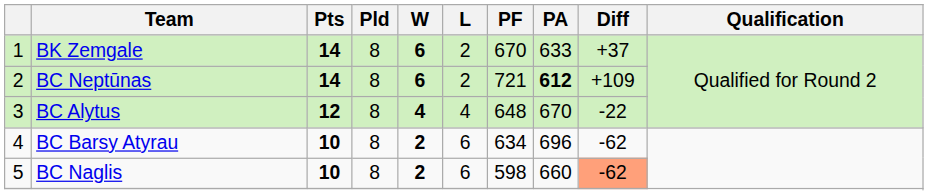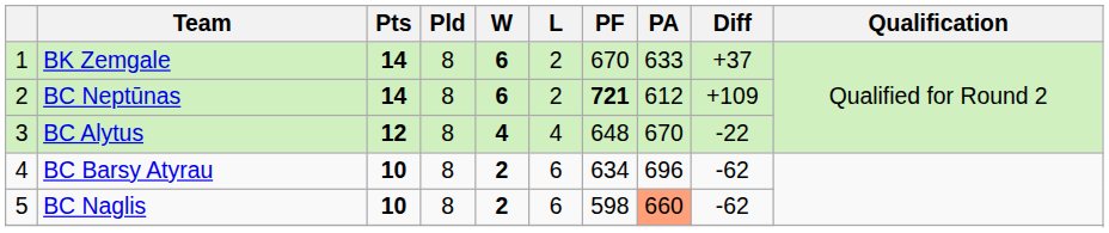 <table class="wikitable" style="text-align: center;">
 <tr>
 <th width=15></th>
 <th width=220>Team</th>
 <th width=30>Pts</th>
 <th width=30>Pld</th>
 <th width=30>W</th>
 <th width=30>L</th>
 <th width=30>PF</th>
 <th width=30>PA</th>
 <th width=50>Diff</th>
 <th width=220>Qualification</th>
 </tr>
 <tr bgcolor=D0F0C0>
 <td>1</td>
 <td align="left"> <a href='#'>BK Zemgale</a></td>
 <td><strong>14</strong></td>
 <td>8</td>
 <td><strong>6</strong></td>
 <td>2</td>
 <td>670</td>
 <td>633</td>
 <td>+37</td>
 <td rowspan=3 align="center">Qualified for Round 2</td>
 </tr>
 <tr bgcolor=D0F0C0>
 <td>2</td>
 <td align="left"> <a href='#'>BC Neptūnas</a></td>
 <td><strong>14</strong></td>
 <td>8</td>
 <td><strong>6</strong></td>
 <td>2</td>
-<td>721</td>
-<td><strong>612</strong></td>
+<td><strong>721</strong></td>
+<td>612</td>
 <td>+109</td>
 </tr>
 <tr bgcolor=D0F0C0>
 <td>3</td>
 <td align="left"> <a href='#'>BC Alytus</a></td>
 <td><strong>12</strong></td>
 <td>8</td>
 <td><strong>4</strong></td>
 <td>4</td>
 <td>648</td>
 <td>670</td>
 <td>-22</td>
 </tr>
 <tr>
 <td>4</td>
 <td align="left"> <a href='#'>BC Barsy Atyrau</a></td>
 <td><strong>10</strong></td>
 <td>8</td>
 <td><strong>2</strong></td>
 <td>6</td>
 <td>634</td>
 <td>696</td>
 <td>-62</td>
 </tr>
 <tr>
 <td>5</td>
 <td align="left"> <a href='#'>BC Naglis</a></td>
 <td><strong>10</strong></td>
 <td>8</td>
 <td><strong>2</strong></td>
 <td>6</td>
 <td>598</td>
-<td>660</td>
-<td style="background: lightsalmon;">-62</td>
+<td style="background: lightsalmon;">660</td>
+<td>-62</td>
 </tr>
 <tr>
 </tr>
 </table>
